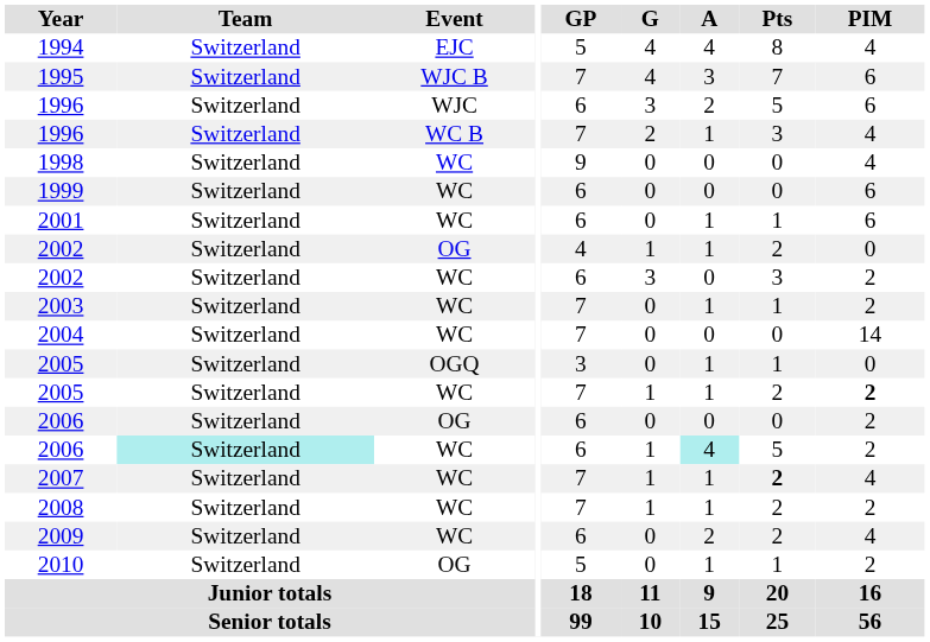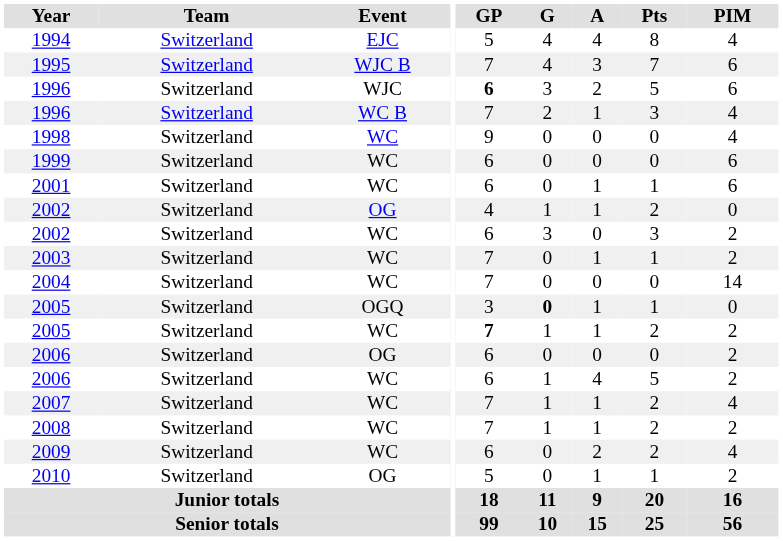 <table border="0" cellpadding="1" cellspacing="0" ID="Table3" style="text-align:center; width:40em">
 <tr ALIGN="center" bgcolor="#e0e0e0">
 <th>Year</th>
 <th>Team</th>
 <th>Event</th>
 <th rowspan="99" bgcolor="#ffffff"></th>
 <th>GP</th>
 <th>G</th>
 <th>A</th>
 <th>Pts</th>
 <th>PIM</th>
 </tr>
 <tr>
 <td><a href='#'>1994</a></td>
 <td><a href='#'>Switzerland</a></td>
 <td><a href='#'>EJC</a></td>
 <td>5</td>
 <td>4</td>
 <td>4</td>
 <td>8</td>
 <td>4</td>
 </tr>
 <tr bgcolor="#f0f0f0">
 <td><a href='#'>1995</a></td>
 <td><a href='#'>Switzerland</a></td>
 <td><a href='#'>WJC B</a></td>
 <td>7</td>
 <td>4</td>
 <td>3</td>
 <td>7</td>
 <td>6</td>
 </tr>
 <tr>
 <td><a href='#'>1996</a></td>
 <td>Switzerland</td>
 <td>WJC</td>
-<td>6</td>
+<td><strong>6</strong></td>
 <td>3</td>
 <td>2</td>
 <td>5</td>
 <td>6</td>
 </tr>
 <tr bgcolor="#f0f0f0">
 <td><a href='#'>1996</a></td>
 <td><a href='#'>Switzerland</a></td>
 <td><a href='#'>WC B</a></td>
 <td>7</td>
 <td>2</td>
 <td>1</td>
 <td>3</td>
 <td>4</td>
 </tr>
 <tr>
 <td><a href='#'>1998</a></td>
 <td>Switzerland</td>
 <td><a href='#'>WC</a></td>
 <td>9</td>
 <td>0</td>
 <td>0</td>
 <td>0</td>
 <td>4</td>
 </tr>
 <tr bgcolor="#f0f0f0">
 <td><a href='#'>1999</a></td>
 <td>Switzerland</td>
 <td>WC</td>
 <td>6</td>
 <td>0</td>
 <td>0</td>
 <td>0</td>
 <td>6</td>
 </tr>
 <tr>
 <td><a href='#'>2001</a></td>
 <td>Switzerland</td>
 <td>WC</td>
 <td>6</td>
 <td>0</td>
 <td>1</td>
 <td>1</td>
 <td>6</td>
 </tr>
 <tr bgcolor="#f0f0f0">
 <td><a href='#'>2002</a></td>
 <td>Switzerland</td>
 <td><a href='#'>OG</a></td>
 <td>4</td>
 <td>1</td>
 <td>1</td>
 <td>2</td>
 <td>0</td>
 </tr>
 <tr>
 <td><a href='#'>2002</a></td>
 <td>Switzerland</td>
 <td>WC</td>
 <td>6</td>
 <td>3</td>
 <td>0</td>
 <td>3</td>
 <td>2</td>
 </tr>
 <tr bgcolor="#f0f0f0">
 <td><a href='#'>2003</a></td>
 <td>Switzerland</td>
 <td>WC</td>
 <td>7</td>
 <td>0</td>
 <td>1</td>
 <td>1</td>
 <td>2</td>
 </tr>
 <tr>
 <td><a href='#'>2004</a></td>
 <td>Switzerland</td>
 <td>WC</td>
 <td>7</td>
 <td>0</td>
 <td>0</td>
 <td>0</td>
 <td>14</td>
 </tr>
 <tr bgcolor="#f0f0f0">
 <td><a href='#'>2005</a></td>
 <td>Switzerland</td>
 <td>OGQ</td>
 <td>3</td>
-<td>0</td>
+<td><strong>0</strong></td>
 <td>1</td>
 <td>1</td>
 <td>0</td>
 </tr>
 <tr>
 <td><a href='#'>2005</a></td>
 <td>Switzerland</td>
 <td>WC</td>
-<td>7</td>
+<td><strong>7</strong></td>
 <td>1</td>
 <td>1</td>
 <td>2</td>
-<td><strong>2</strong></td>
+<td>2</td>
 </tr>
 <tr bgcolor="#f0f0f0">
 <td><a href='#'>2006</a></td>
 <td>Switzerland</td>
 <td>OG</td>
 <td>6</td>
 <td>0</td>
 <td>0</td>
 <td>0</td>
 <td>2</td>
 </tr>
 <tr>
 <td><a href='#'>2006</a></td>
-<td style="background: paleturquoise;">Switzerland</td>
+<td>Switzerland</td>
 <td>WC</td>
 <td>6</td>
 <td>1</td>
-<td style="background: paleturquoise;">4</td>
+<td>4</td>
 <td>5</td>
 <td>2</td>
 </tr>
 <tr bgcolor="#f0f0f0">
 <td><a href='#'>2007</a></td>
 <td>Switzerland</td>
 <td>WC</td>
 <td>7</td>
 <td>1</td>
 <td>1</td>
-<td><strong>2</strong></td>
+<td>2</td>
 <td>4</td>
 </tr>
 <tr>
 <td><a href='#'>2008</a></td>
 <td>Switzerland</td>
 <td>WC</td>
 <td>7</td>
 <td>1</td>
 <td>1</td>
 <td>2</td>
 <td>2</td>
 </tr>
 <tr bgcolor="#f0f0f0">
 <td><a href='#'>2009</a></td>
 <td>Switzerland</td>
 <td>WC</td>
 <td>6</td>
 <td>0</td>
 <td>2</td>
 <td>2</td>
 <td>4</td>
 </tr>
 <tr>
 <td><a href='#'>2010</a></td>
 <td>Switzerland</td>
 <td>OG</td>
 <td>5</td>
 <td>0</td>
 <td>1</td>
 <td>1</td>
 <td>2</td>
 </tr>
 <tr style="background: #e0e0e0;">
 <th colspan="3">Junior totals</th>
 <th>18</th>
 <th>11</th>
 <th>9</th>
 <th>20</th>
 <th>16</th>
 </tr>
 <tr style="background: #e0e0e0;">
 <th colspan="3">Senior totals</th>
 <th>99</th>
 <th>10</th>
 <th>15</th>
 <th>25</th>
 <th>56</th>
 </tr>
 </table>
